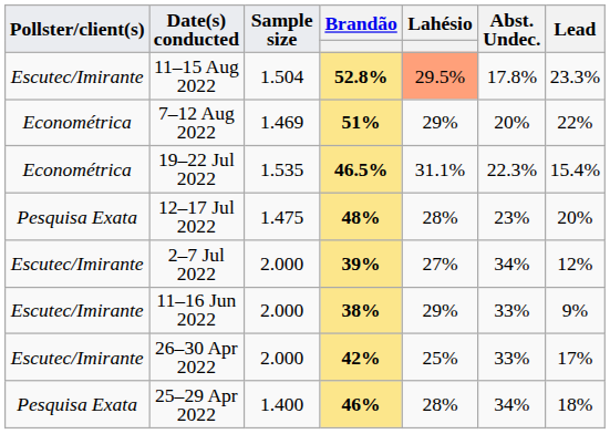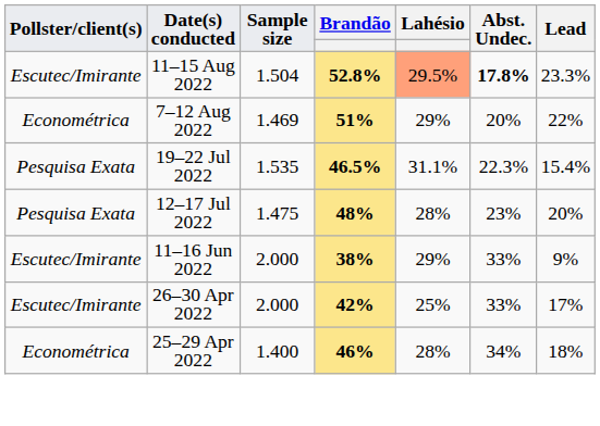 <table class="wikitable sortable" style="text-align:center;font-size:90%;line-height:14px;">
 <tr>
 <td rowspan="2" class="unsortable" style="width:50px;background:#eaecf0;"><strong>Pollster/client(s)</strong></td>
 <td rowspan="2" class="unsortable" style="width:50px;background:#eaecf0;"><strong>Date(s) <br>conducted</strong></td>
 <td rowspan="2" class="unsortable" style="width:50px;background:#eaecf0;"><strong>Sample <br>size</strong></td>
 <th class="unsortable" style="width:50px;"><a href='#'>Brandão</a><br></th>
 <th class="unsortable" style="width:50px;">Lahésio<br></th>
 <th rowspan="2">Abst.<br>Undec.</th>
 <th rowspan="2" class="unsortable">Lead</th>
 </tr>
 <tr>
 <th style="background:"></th>
 <th style="background:"></th>
 </tr>
 <tr>
 <td><em>Escutec/Imirante</em></td>
 <td>11–15 Aug 2022</td>
 <td>1.504</td>
 <td style="background:#fce68b;"><strong>52.8%</strong></td>
 <td style="background: lightsalmon;">29.5%</td>
-<td>17.8%</td>
+<td><strong>17.8%</strong></td>
 <td style="background:">23.3%</td>
 </tr>
 <tr>
 <td><em>Econométrica</em></td>
 <td>7–12 Aug 2022</td>
 <td>1.469</td>
 <td style="background:#fce68b;"><strong>51%</strong></td>
 <td>29%</td>
 <td>20%</td>
 <td style="background:">22%</td>
 </tr>
 <tr>
-<td><em>Econométrica</em></td>
+<td><em>Pesquisa Exata</em></td>
 <td>19–22 Jul 2022</td>
 <td>1.535</td>
 <td style="background:#fce68b;"><strong>46.5%</strong></td>
 <td>31.1%</td>
 <td>22.3%</td>
 <td style="background:">15.4%</td>
 </tr>
 <tr>
 <td><em>Pesquisa Exata</em></td>
 <td>12–17 Jul 2022</td>
 <td>1.475</td>
 <td style="background:#fce68b;"><strong>48%</strong></td>
 <td>28%</td>
 <td>23%</td>
 <td style="background:">20%</td>
-</tr>
-<tr>
-<td><em>Escutec/Imirante</em></td>
-<td>2–7 Jul 2022</td>
-<td>2.000</td>
-<td style="background:#fce68b;"><strong>39%</strong></td>
-<td>27%</td>
-<td>34%</td>
-<td style="background:">12%</td>
 </tr>
 <tr>
 <td><em>Escutec/Imirante</em></td>
 <td>11–16 Jun 2022</td>
 <td>2.000</td>
 <td style="background:#fce68b;"><strong>38%</strong></td>
 <td>29%</td>
 <td>33%</td>
 <td style="background:">9%</td>
 </tr>
 <tr>
 <td><em>Escutec/Imirante</em></td>
 <td>26–30 Apr 2022</td>
 <td>2.000</td>
 <td style="background:#fce68b;"><strong>42%</strong></td>
 <td>25%</td>
 <td>33%</td>
 <td style="background:">17%</td>
 </tr>
 <tr>
-<td><em>Pesquisa Exata</em></td>
+<td><em>Econométrica</em></td>
 <td>25–29 Apr 2022</td>
 <td>1.400</td>
 <td style="background:#fce68b;"><strong>46%</strong></td>
 <td>28%</td>
 <td>34%</td>
 <td style="background:">18%</td>
 </tr>
 </table>
